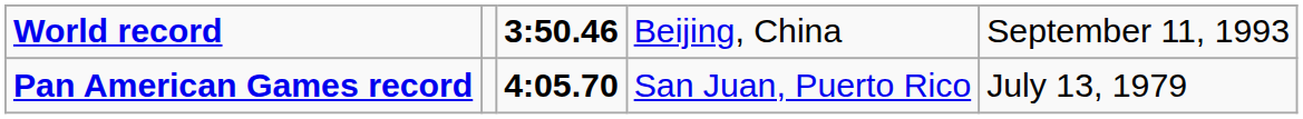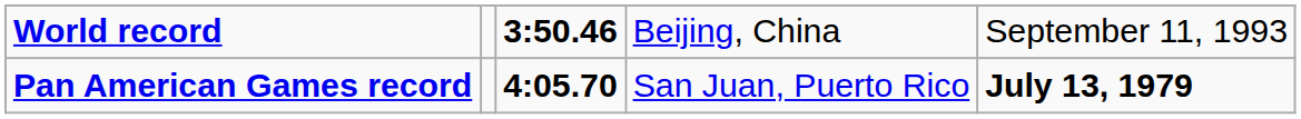 <table class="wikitable">
 <tr>
 <td><strong><a href='#'>World record</a></strong></td>
 <td></td>
 <td><strong>3:50.46</strong></td>
 <td><a href='#'>Beijing</a>, China</td>
 <td>September 11, 1993</td>
 </tr>
 <tr>
 <td><strong><a href='#'>Pan American Games record</a></strong></td>
 <td></td>
 <td><strong>4:05.70</strong></td>
 <td><a href='#'>San Juan, Puerto Rico</a></td>
-<td>July 13, 1979</td>
+<td><strong>July 13, 1979</strong></td>
 </tr>
 </table>
